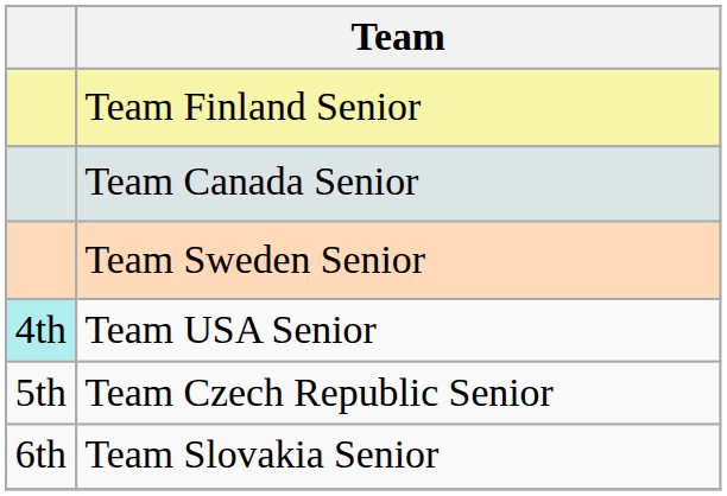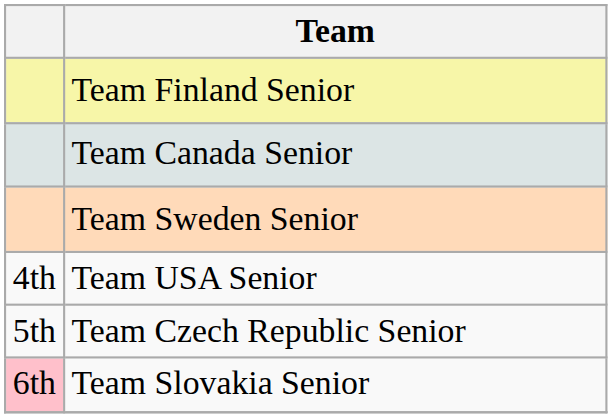 <table class="wikitable" style="text-align:center">
 <tr>
 <th width=15></th>
 <th width=250>Team</th>
 </tr>
 <tr style="background:#f7f6a8;">
 <td style="text-align:center; height:23px;"></td>
 <td align=left> Team Finland Senior</td>
 </tr>
 <tr style="background:#dce5e5;">
 <td style="text-align:center; height:23px;"></td>
 <td align=left> Team Canada Senior</td>
 </tr>
 <tr style="background:#ffdab9;">
 <td style="text-align:center; height:23px;"></td>
 <td align=left> Team Sweden Senior</td>
 </tr>
 <tr>
-<td style="background: paleturquoise;">4th</td>
+<td>4th</td>
 <td align=left> Team USA Senior</td>
 </tr>
 <tr>
 <td>5th</td>
 <td align=left> Team Czech Republic Senior</td>
 </tr>
 <tr>
-<td>6th</td>
+<td style="background: pink;">6th</td>
 <td align=left> Team Slovakia Senior</td>
 </tr>
 <tr>
 </tr>
 </table>
